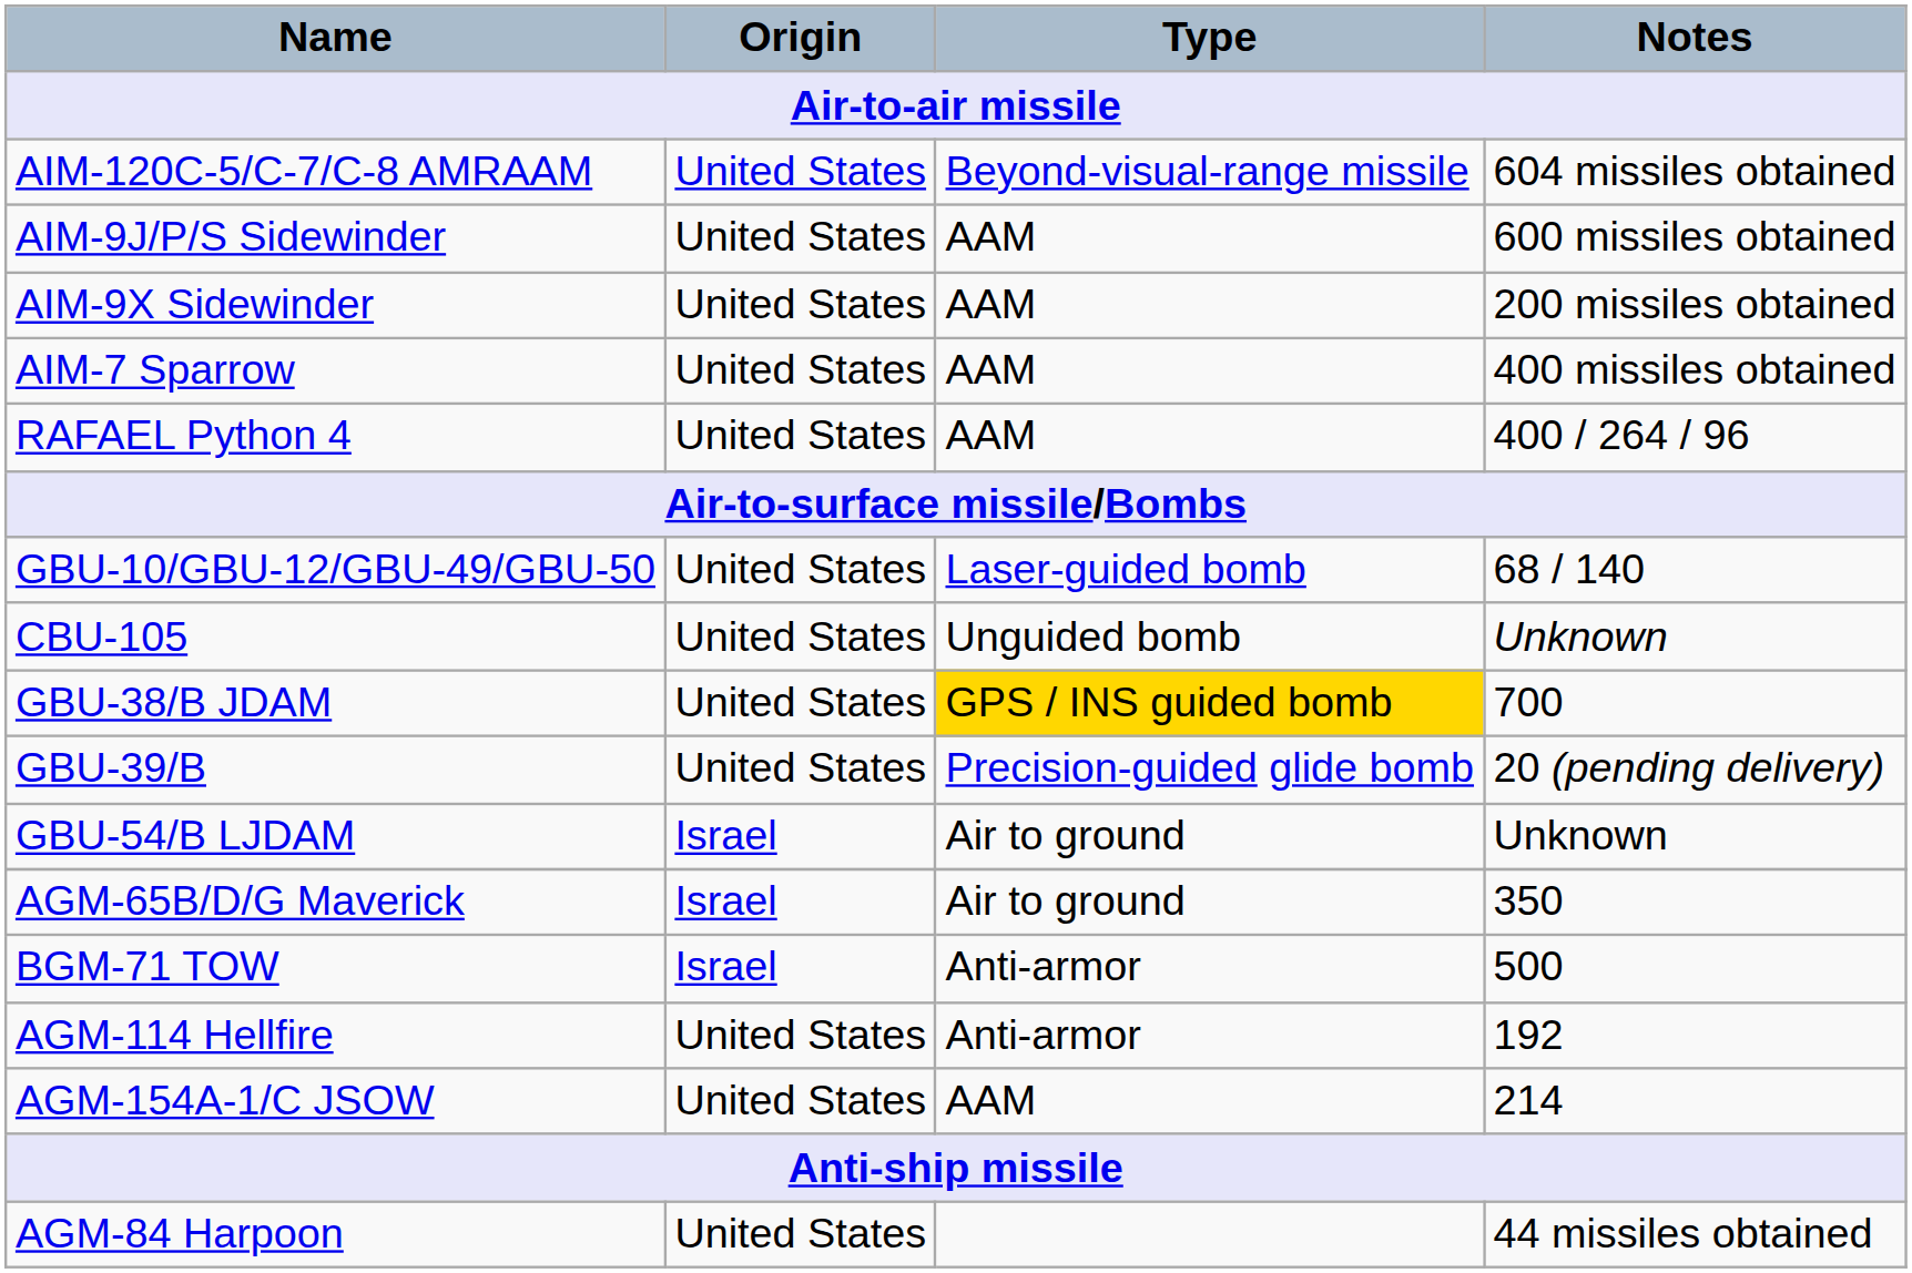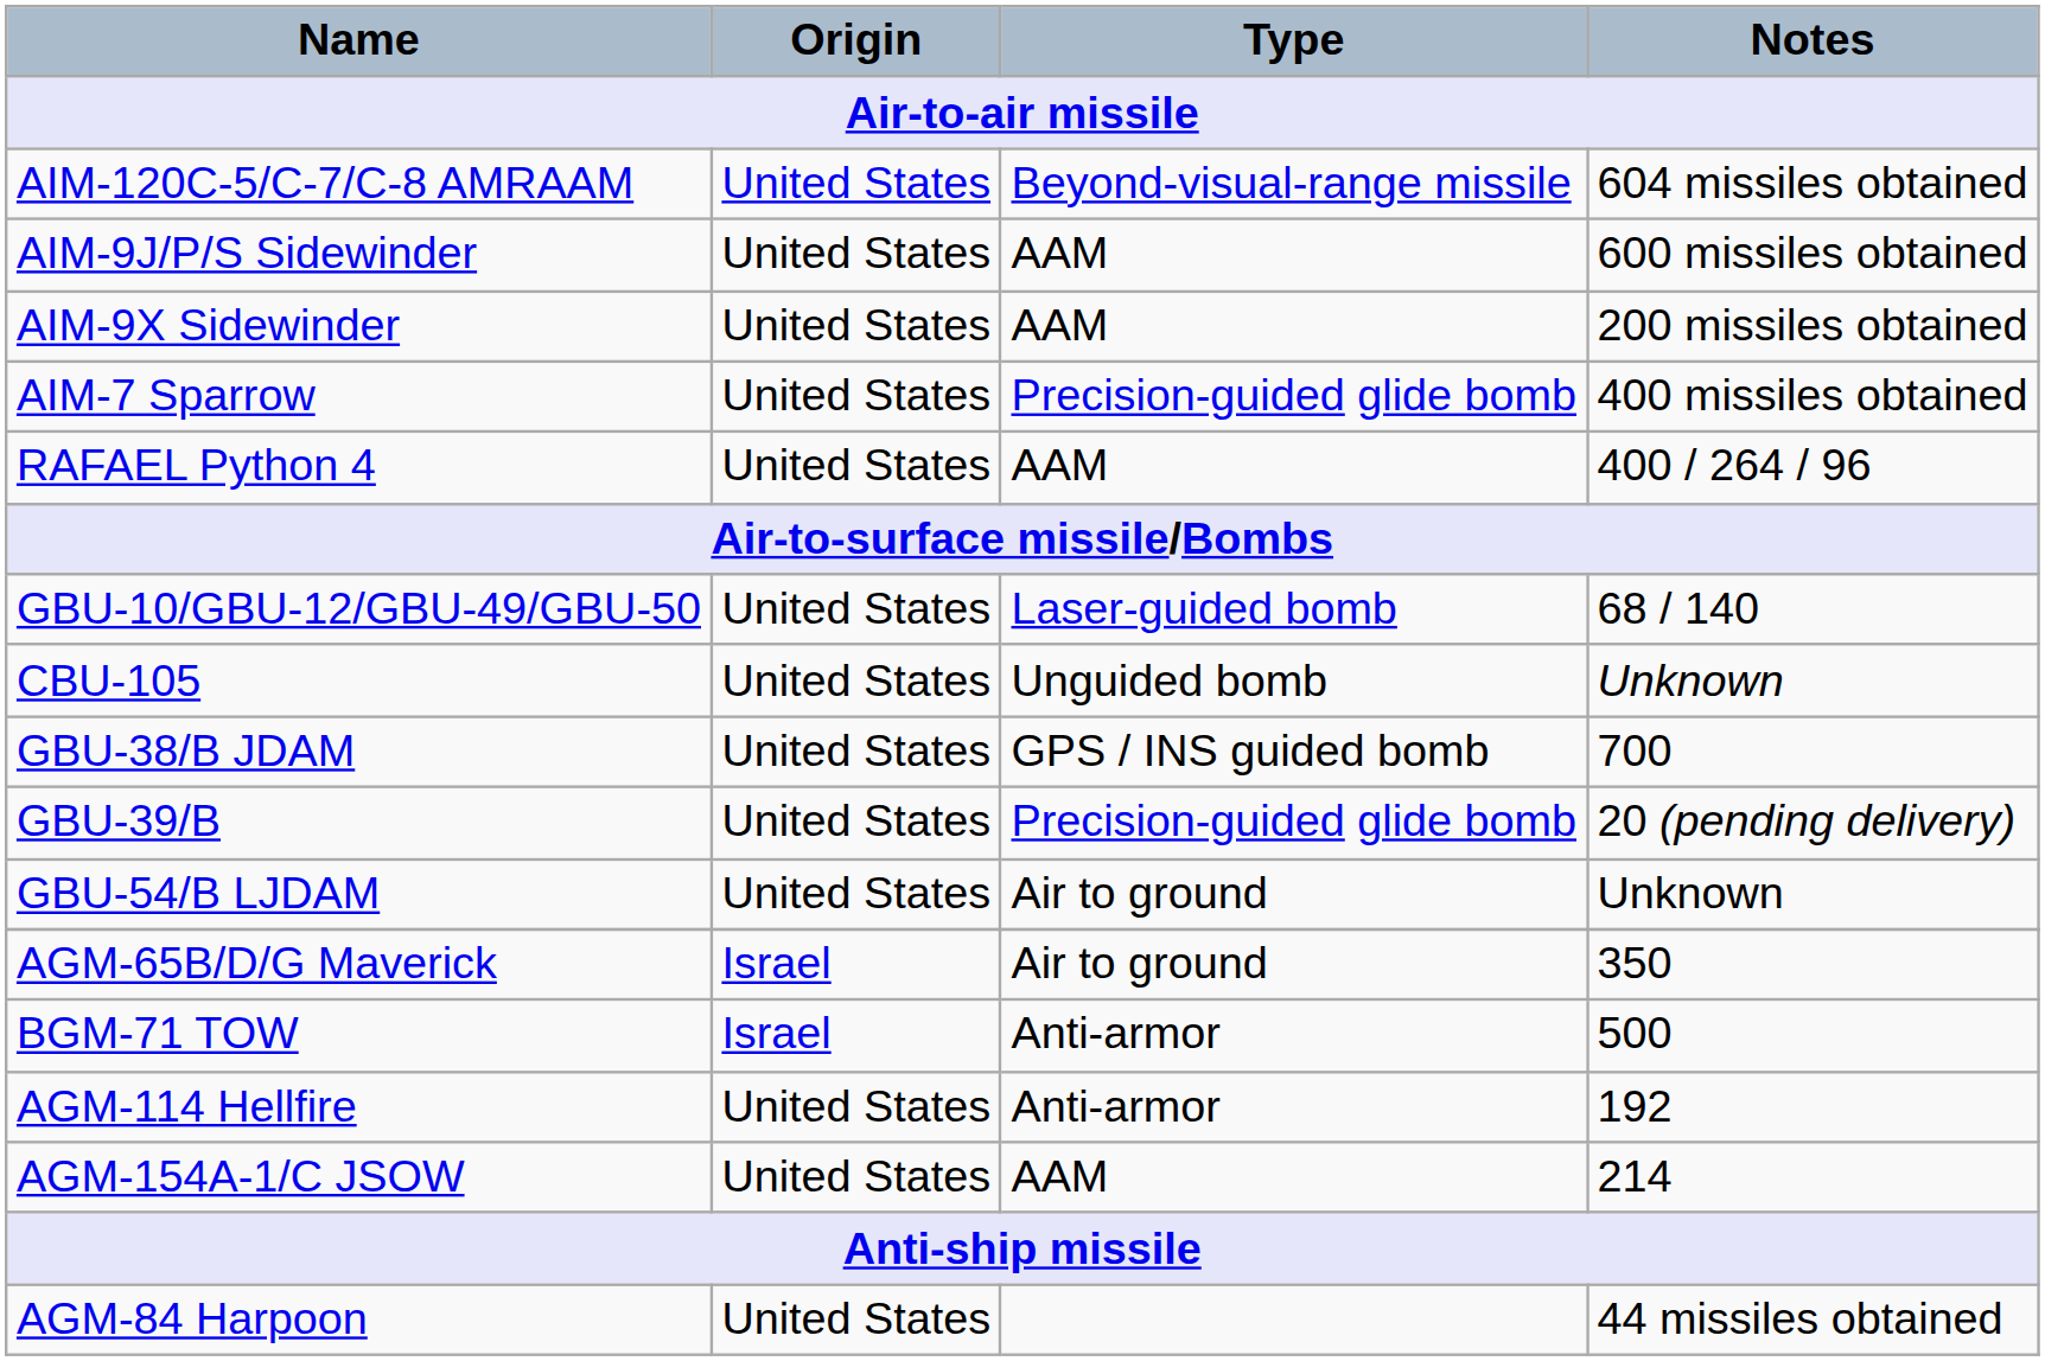 <table class="wikitable">
 <tr>
 <th style="text-align:center; background:#aabccc;">Name</th>
 <th style="text-align: center; background:#aabccc;">Origin</th>
 <th style="text-align:l center; background:#aabccc;">Type</th>
 <th style="text-align: center; background:#aabccc;">Notes</th>
 </tr>
 <tr>
 <th style="align: center; background: lavender;" colspan="7"><a href='#'>Air-to-air missile</a></th>
 </tr>
 <tr>
 <td><a href='#'>AIM-120C-5/C-7/C-8 AMRAAM</a></td>
 <td><a href='#'>United States</a></td>
 <td><a href='#'>Beyond-visual-range missile</a></td>
 <td>604 missiles obtained</td>
 </tr>
 <tr>
 <td><a href='#'>AIM-9J/P/S Sidewinder</a></td>
 <td>United States</td>
 <td>AAM</td>
 <td>600 missiles obtained</td>
 </tr>
 <tr>
 <td><a href='#'>AIM-9X Sidewinder</a></td>
 <td>United States</td>
 <td>AAM</td>
 <td>200 missiles obtained</td>
 </tr>
 <tr>
 <td><a href='#'>AIM-7 Sparrow</a></td>
 <td>United States</td>
-<td>AAM</td>
+<td><a href='#'>Precision-guided</a> <a href='#'>glide bomb</a></td>
 <td>400 missiles obtained</td>
 </tr>
 <tr>
 <td><a href='#'>RAFAEL Python 4</a></td>
 <td>United States</td>
 <td>AAM</td>
 <td>400 / 264 / 96</td>
 </tr>
 <tr>
 <th style="align: center; background: lavender;" colspan="7"><a href='#'>Air-to-surface missile</a>/<a href='#'>Bombs</a></th>
 </tr>
 <tr>
 <td><a href='#'>GBU-10/GBU-12/GBU-49/GBU-50</a></td>
 <td>United States</td>
 <td><a href='#'>Laser-guided bomb</a></td>
 <td>68 / 140</td>
 </tr>
 <tr>
 <td><a href='#'>CBU-105</a></td>
 <td>United States</td>
 <td>Unguided bomb</td>
 <td><em>Unknown</em></td>
 </tr>
 <tr>
 <td><a href='#'>GBU-38/B JDAM</a></td>
 <td>United States</td>
-<td style="background: gold;">GPS / INS guided bomb</td>
+<td>GPS / INS guided bomb</td>
 <td>700</td>
 </tr>
 <tr>
 <td><a href='#'>GBU-39/B</a></td>
 <td>United States</td>
 <td><a href='#'>Precision-guided</a> <a href='#'>glide bomb</a></td>
 <td>20 <em>(pending delivery)</em></td>
 </tr>
 <tr>
 <td><a href='#'>GBU-54/B LJDAM</a></td>
-<td><a href='#'>Israel</a></td>
+<td>United States</td>
 <td>Air to ground</td>
 <td>Unknown</td>
 </tr>
 <tr>
 </tr>
 <tr>
 <td><a href='#'>AGM-65B/D/G Maverick</a></td>
 <td><a href='#'>Israel</a></td>
 <td>Air to ground</td>
 <td>350</td>
 </tr>
 <tr>
 <td><a href='#'>BGM-71 TOW</a></td>
 <td><a href='#'>Israel</a></td>
 <td>Anti-armor</td>
 <td>500</td>
 </tr>
 <tr>
 <td><a href='#'>AGM-114 Hellfire</a></td>
 <td>United States</td>
 <td>Anti-armor</td>
 <td>192</td>
 </tr>
 <tr>
 <td><a href='#'>AGM-154A-1/C JSOW</a></td>
 <td>United States</td>
 <td>AAM</td>
 <td>214</td>
 </tr>
 <tr>
 <th style="align: center; background: lavender;" colspan="7"><a href='#'>Anti-ship missile</a></th>
 </tr>
 <tr>
 <td><a href='#'>AGM-84 Harpoon</a></td>
 <td>United States</td>
 <td></td>
 <td>44 missiles obtained</td>
 </tr>
 </table>
